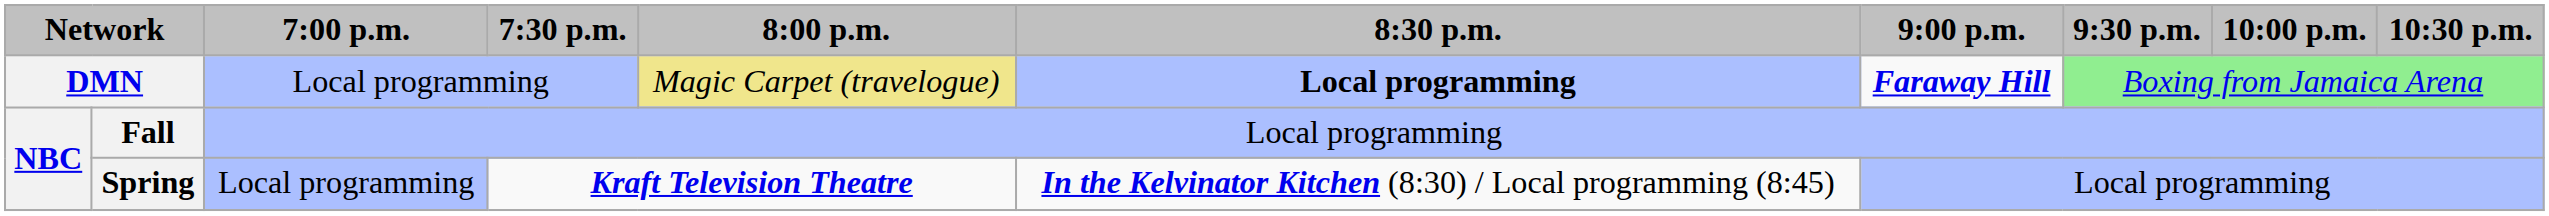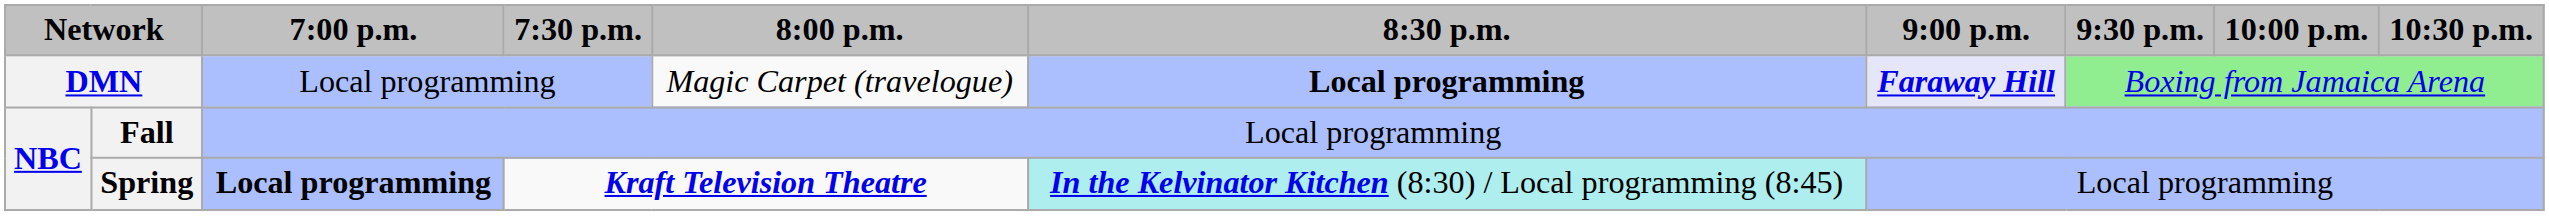 <table class="wikitable" style="width:100%;margin-right:0;text-align:center">
 <tr>
 <th colspan="2" style="background-color:#C0C0C0">Network</th>
 <th style="background-color:#C0C0C0;text-align:center">7:00 p.m.</th>
 <th style="background-color:#C0C0C0;text-align:center">7:30 p.m.</th>
 <th style="background-color:#C0C0C0;text-align:center">8:00 p.m.</th>
 <th style="background-color:#C0C0C0;text-align:center">8:30 p.m.</th>
 <th style="background-color:#C0C0C0;text-align:center">9:00 p.m.</th>
 <th style="background-color:#C0C0C0;text-align:center">9:30 p.m.</th>
 <th style="background-color:#C0C0C0;text-align:center">10:00 p.m.</th>
 <th style="background-color:#C0C0C0;text-align:center">10:30 p.m.</th>
 </tr>
 <tr>
 <th colspan="2"><a href='#'>DMN</a></th>
 <td colspan="2" style="background:#abbfff;">Local programming</td>
-<td style="background: khaki;"><em>Magic Carpet (travelogue)</em></td>
+<td><em>Magic Carpet (travelogue)</em></td>
 <td style="background:#abbfff;"><strong>Local programming</strong></td>
-<td><strong><em><a href='#'>Faraway Hill</a></em></strong></td>
+<td style="background: lavender;"><strong><em><a href='#'>Faraway Hill</a></em></strong></td>
 <td colspan="3" style="background:lightgreen;"><em><a href='#'>Boxing from Jamaica Arena</a></em></td>
 </tr>
 <tr>
 <th rowspan="2"><a href='#'>NBC</a></th>
 <th>Fall</th>
 <td style="background:#abbfff;" colspan=8>Local programming</td>
 </tr>
 <tr>
 <th>Spring</th>
-<td style="background:#abbfff;">Local programming</td>
+<td style="background:#abbfff;"><strong>Local programming</strong></td>
 <td colspan="2"><strong><em><a href='#'>Kraft Television Theatre</a></em></strong> </td>
-<td><strong><em><a href='#'>In the Kelvinator Kitchen</a></em></strong> (8:30)  / Local programming (8:45)</td>
+<td style="background: paleturquoise;"><strong><em><a href='#'>In the Kelvinator Kitchen</a></em></strong> (8:30)  / Local programming (8:45)</td>
 <td colspan="4" style="background:#abbfff;">Local programming</td>
 </tr>
 </table>
